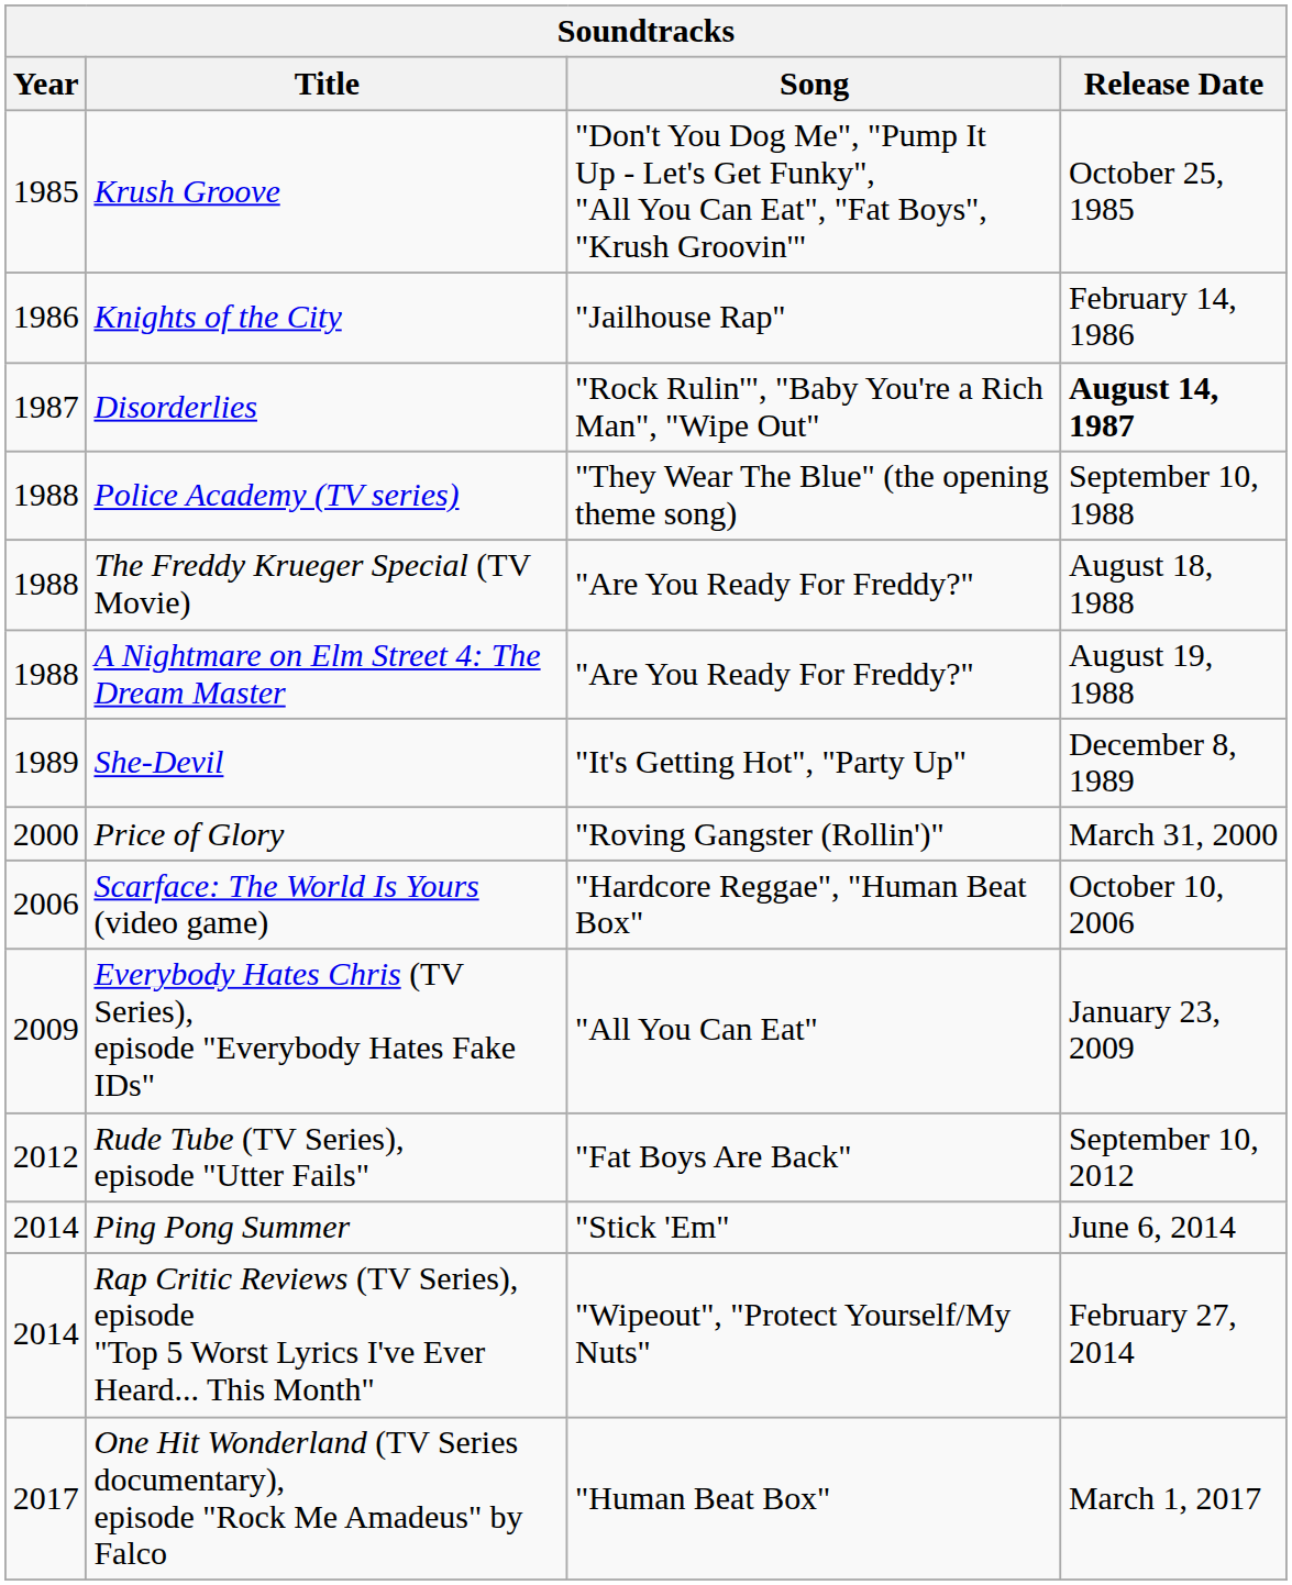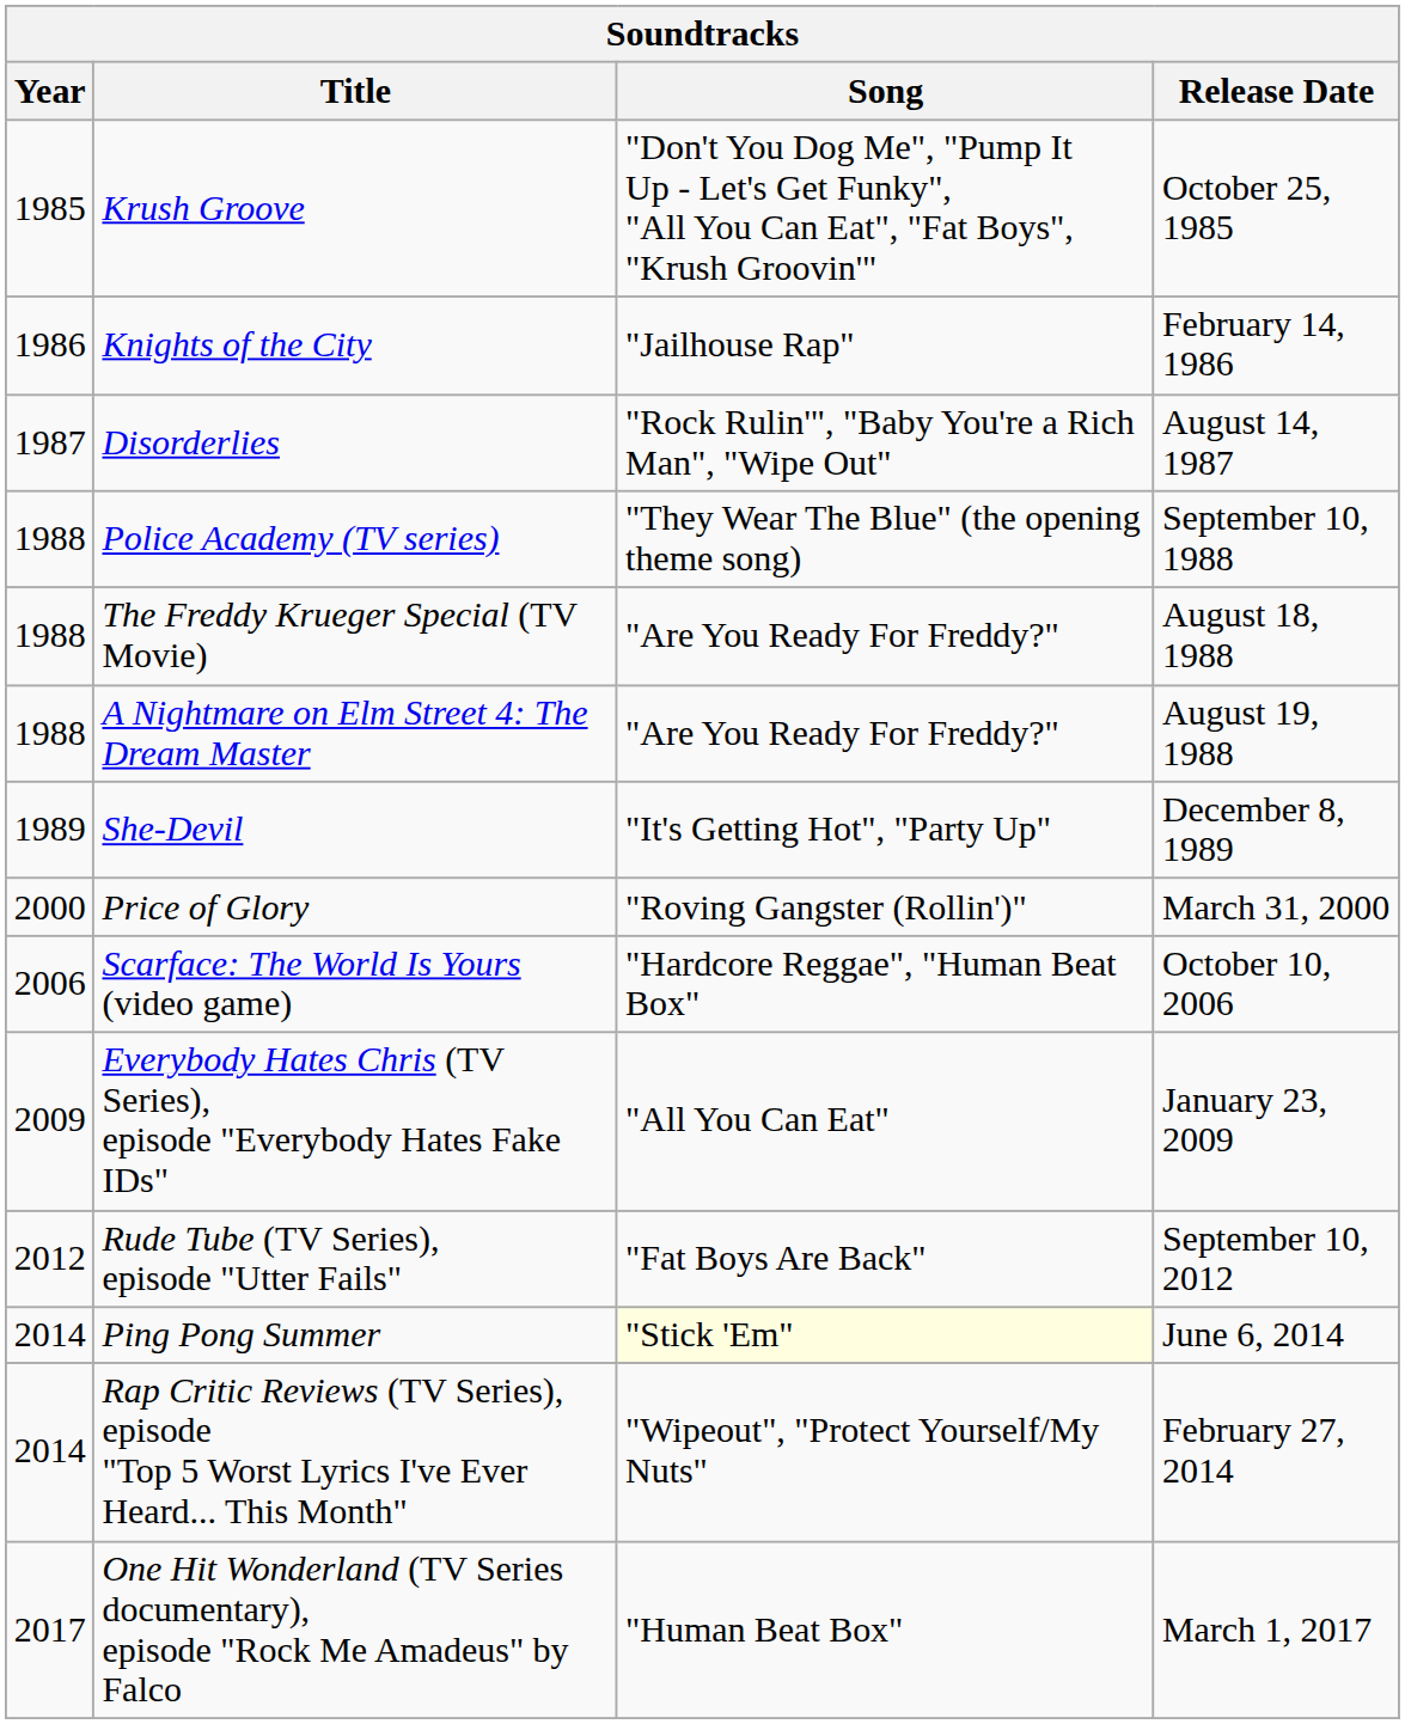 <table class="wikitable mw-datatable sortable collapsible collapsed" style="font-size:100%; width:100%;">
 <tr>
 <th colspan="4">Soundtracks</th>
 </tr>
 <tr>
 <th>Year</th>
 <th>Title</th>
 <th>Song</th>
 <th>Release Date</th>
 </tr>
 <tr>
 <td>1985</td>
 <td><em><a href='#'>Krush Groove</a></em></td>
 <td>"Don't You Dog Me", "Pump It Up - Let's Get Funky",<br>"All You Can Eat", "Fat Boys", "Krush Groovin'"</td>
 <td>October 25, 1985</td>
 </tr>
 <tr>
 <td>1986</td>
 <td><em><a href='#'>Knights of the City</a></em></td>
 <td>"Jailhouse Rap"</td>
 <td>February 14, 1986</td>
 </tr>
 <tr>
 <td>1987</td>
 <td><em><a href='#'>Disorderlies</a></em></td>
 <td>"Rock Rulin'", "Baby You're a Rich Man", "Wipe Out"</td>
-<td><strong>August 14, 1987</strong></td>
+<td>August 14, 1987</td>
 </tr>
 <tr>
 <td>1988</td>
 <td><em><a href='#'>Police Academy (TV series)</a></em></td>
 <td>"They Wear The Blue" (the opening theme song)</td>
 <td>September 10, 1988</td>
 </tr>
 <tr>
 <td>1988</td>
 <td><em>The Freddy Krueger Special</em> (TV Movie)</td>
 <td>"Are You Ready For Freddy?"</td>
 <td>August 18, 1988</td>
 </tr>
 <tr>
 <td>1988</td>
 <td><em><a href='#'>A Nightmare on Elm Street 4: The Dream Master</a></em></td>
 <td>"Are You Ready For Freddy?"</td>
 <td>August 19, 1988</td>
 </tr>
 <tr>
 <td>1989</td>
 <td><em><a href='#'>She-Devil</a></em></td>
 <td>"It's Getting Hot", "Party Up"</td>
 <td>December 8, 1989</td>
 </tr>
 <tr>
 <td>2000</td>
 <td><em>Price of Glory</em></td>
 <td>"Roving Gangster (Rollin')"</td>
 <td>March 31, 2000</td>
 </tr>
 <tr>
 <td>2006</td>
 <td><em><a href='#'>Scarface: The World Is Yours</a></em> (video game)</td>
 <td>"Hardcore Reggae", "Human Beat Box"</td>
 <td>October 10, 2006</td>
 </tr>
 <tr>
 <td>2009</td>
 <td><em><a href='#'>Everybody Hates Chris</a></em> (TV Series),<br>episode "Everybody Hates Fake IDs"</td>
 <td>"All You Can Eat"</td>
 <td>January 23, 2009</td>
 </tr>
 <tr>
 <td>2012</td>
 <td><em>Rude Tube</em> (TV Series),<br>episode "Utter Fails"</td>
 <td>"Fat Boys Are Back"</td>
 <td>September 10, 2012</td>
 </tr>
 <tr>
 <td>2014</td>
 <td><em>Ping Pong Summer</em></td>
-<td>"Stick 'Em"</td>
+<td style="background: lightyellow;">"Stick 'Em"</td>
 <td>June 6, 2014</td>
 </tr>
 <tr>
 <td>2014</td>
 <td><em>Rap Critic Reviews</em> (TV Series), episode<br>"Top 5 Worst Lyrics I've Ever Heard... This Month"</td>
 <td>"Wipeout", "Protect Yourself/My Nuts"</td>
 <td>February 27, 2014</td>
 </tr>
 <tr>
 <td>2017</td>
 <td><em>One Hit Wonderland</em> (TV Series documentary), <br>episode "Rock Me Amadeus" by Falco</td>
 <td>"Human Beat Box"</td>
 <td>March 1, 2017</td>
 </tr>
 <tr>
 </tr>
 </table>
